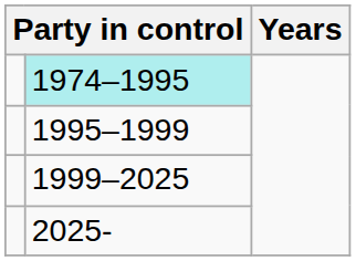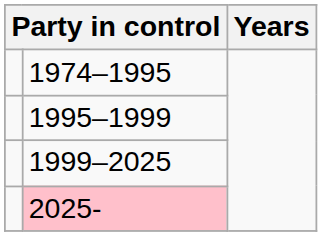 <table class="wikitable">
 <tr>
 <th colspan=2>Party in control</th>
 <th>Years</th>
 </tr>
 <tr>
 <td></td>
-<td style="background: paleturquoise;">1974–1995</td>
+<td>1974–1995</td>
 </tr>
 <tr>
 <td></td>
 <td>1995–1999</td>
 </tr>
 <tr>
 <td></td>
 <td>1999–2025</td>
 </tr>
 <tr>
 <td></td>
-<td>2025-</td>
+<td style="background: pink;">2025-</td>
 </tr>
 </table>
